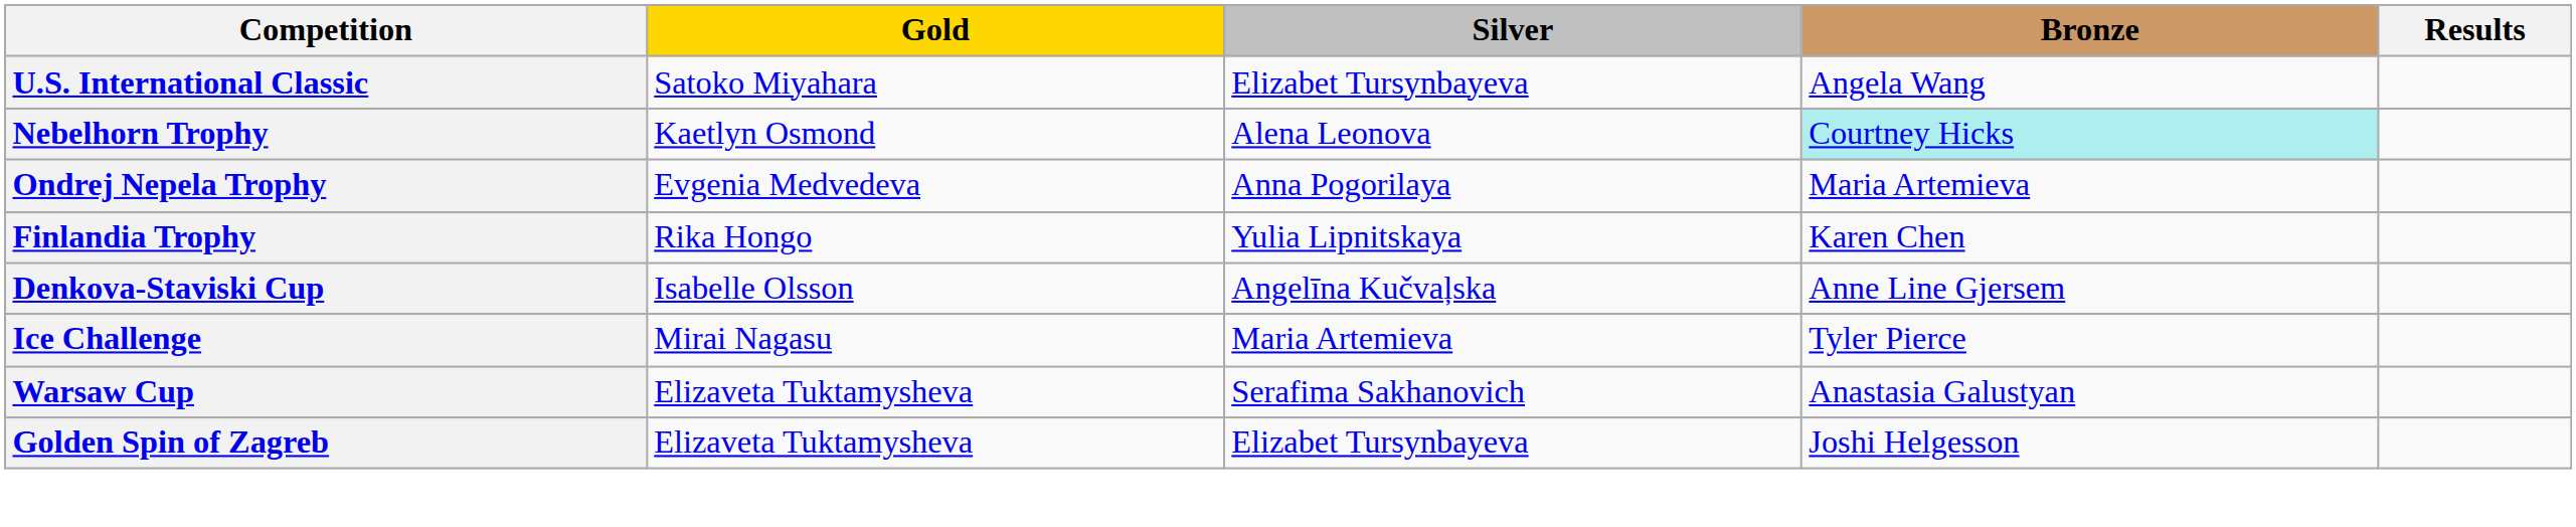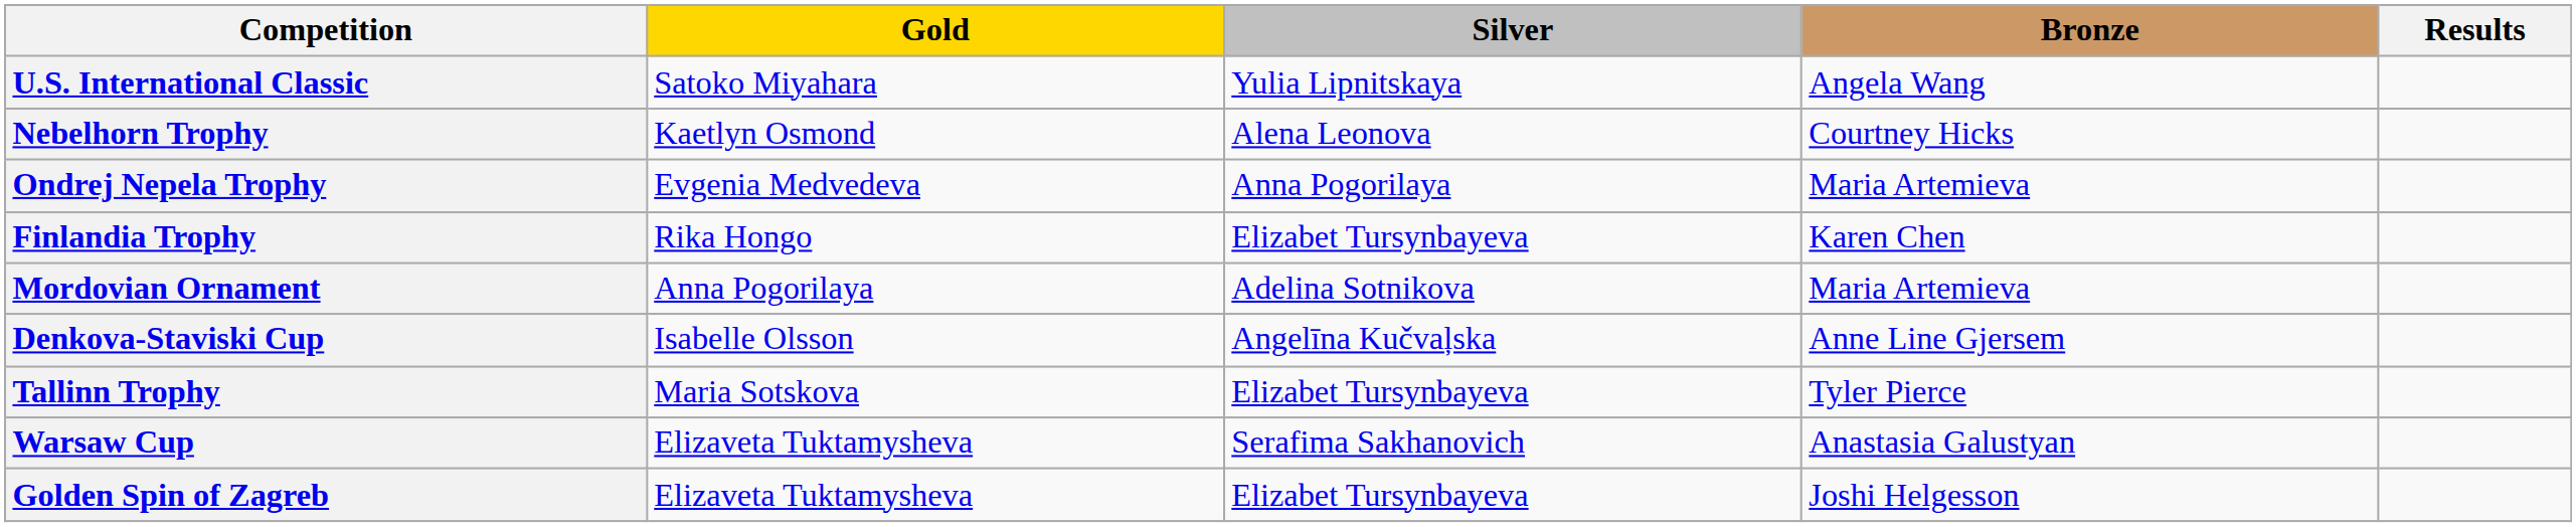 <table class="wikitable unsortable" style="text-align:left; width:100%;">
 <tr>
 <th scope="col" style="text-align:center; width:25%;">Competition</th>
 <td scope="col" style="text-align:center; width:22.5%; background:gold"><strong>Gold</strong></td>
 <td scope="col" style="text-align:center; width:22.5%; background:silver"><strong>Silver</strong></td>
 <td scope="col" style="text-align:center; width:22.5%; background:#c96"><strong>Bronze</strong></td>
 <th scope="col" style="text-align:center; width:7.5%;">Results</th>
 </tr>
 <tr>
 <th scope="row" style="text-align:left"> <a href='#'>U.S. International Classic</a></th>
 <td> <a href='#'>Satoko Miyahara</a></td>
-<td> <a href='#'>Elizabet Tursynbayeva</a></td>
+<td> <a href='#'>Yulia Lipnitskaya</a></td>
 <td> <a href='#'>Angela Wang</a></td>
 <td></td>
 </tr>
 <tr>
 <th scope="row" style="text-align:left"> <a href='#'>Nebelhorn Trophy</a></th>
 <td> <a href='#'>Kaetlyn Osmond</a></td>
 <td> <a href='#'>Alena Leonova</a></td>
-<td style="background: paleturquoise;"> <a href='#'>Courtney Hicks</a></td>
+<td> <a href='#'>Courtney Hicks</a></td>
 <td></td>
 </tr>
 <tr>
 <th scope="row" style="text-align:left"> <a href='#'>Ondrej Nepela Trophy</a></th>
 <td> <a href='#'>Evgenia Medvedeva</a></td>
 <td> <a href='#'>Anna Pogorilaya</a></td>
 <td> <a href='#'>Maria Artemieva</a></td>
 <td></td>
 </tr>
 <tr>
 <th scope="row" style="text-align:left"> <a href='#'>Finlandia Trophy</a></th>
 <td> <a href='#'>Rika Hongo</a></td>
-<td> <a href='#'>Yulia Lipnitskaya</a></td>
+<td> <a href='#'>Elizabet Tursynbayeva</a></td>
 <td> <a href='#'>Karen Chen</a></td>
+<td></td>
+</tr>
+<tr>
+<th scope="row" style="text-align:left"> <a href='#'>Mordovian Ornament</a></th>
+<td> <a href='#'>Anna Pogorilaya</a></td>
+<td> <a href='#'>Adelina Sotnikova</a></td>
+<td> <a href='#'>Maria Artemieva</a></td>
 <td></td>
 </tr>
 <tr>
 <th scope="row" style="text-align:left"> <a href='#'>Denkova-Staviski Cup</a></th>
 <td> <a href='#'>Isabelle Olsson</a></td>
 <td> <a href='#'>Angelīna Kučvaļska</a></td>
 <td> <a href='#'>Anne Line Gjersem</a></td>
 <td></td>
 </tr>
 <tr>
-<th scope="row" style="text-align:left"> <a href='#'>Ice Challenge</a></th>
-<td> <a href='#'>Mirai Nagasu</a></td>
-<td> <a href='#'>Maria Artemieva</a></td>
+<th scope="row" style="text-align:left"> <a href='#'>Tallinn Trophy</a></th>
+<td> <a href='#'>Maria Sotskova</a></td>
+<td> <a href='#'>Elizabet Tursynbayeva</a></td>
 <td> <a href='#'>Tyler Pierce</a></td>
 <td></td>
 </tr>
 <tr>
 <th scope="row" style="text-align:left"> <a href='#'>Warsaw Cup</a></th>
 <td> <a href='#'>Elizaveta Tuktamysheva</a></td>
 <td> <a href='#'>Serafima Sakhanovich</a></td>
 <td> <a href='#'>Anastasia Galustyan</a></td>
 <td></td>
 </tr>
 <tr>
 <th scope="row" style="text-align:left"> <a href='#'>Golden Spin of Zagreb</a></th>
 <td> <a href='#'>Elizaveta Tuktamysheva</a></td>
 <td> <a href='#'>Elizabet Tursynbayeva</a></td>
 <td> <a href='#'>Joshi Helgesson</a></td>
 <td></td>
 </tr>
 </table>
